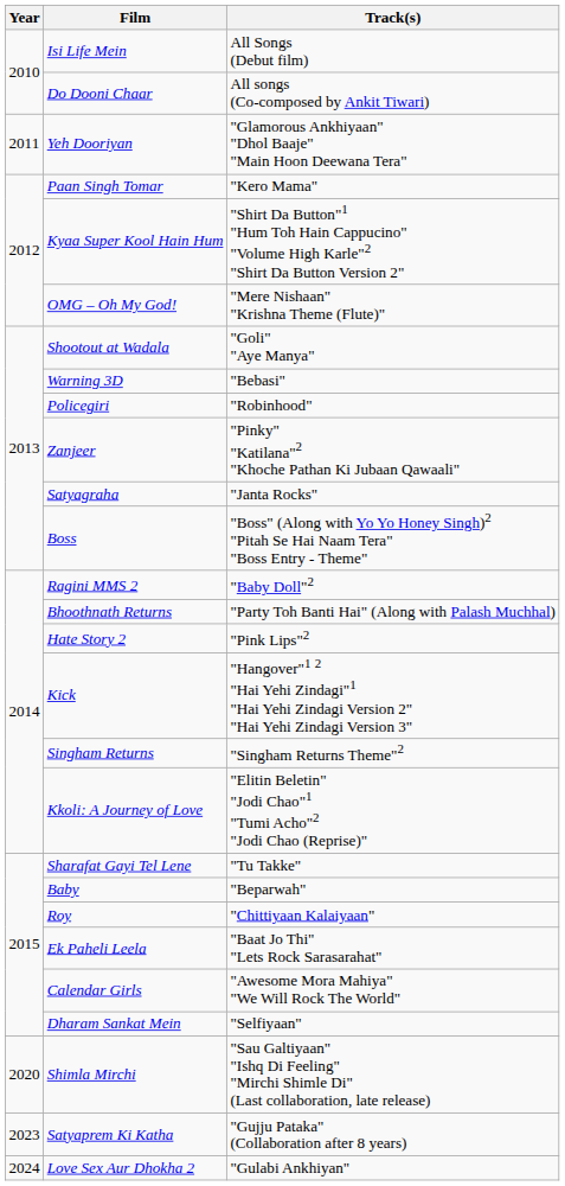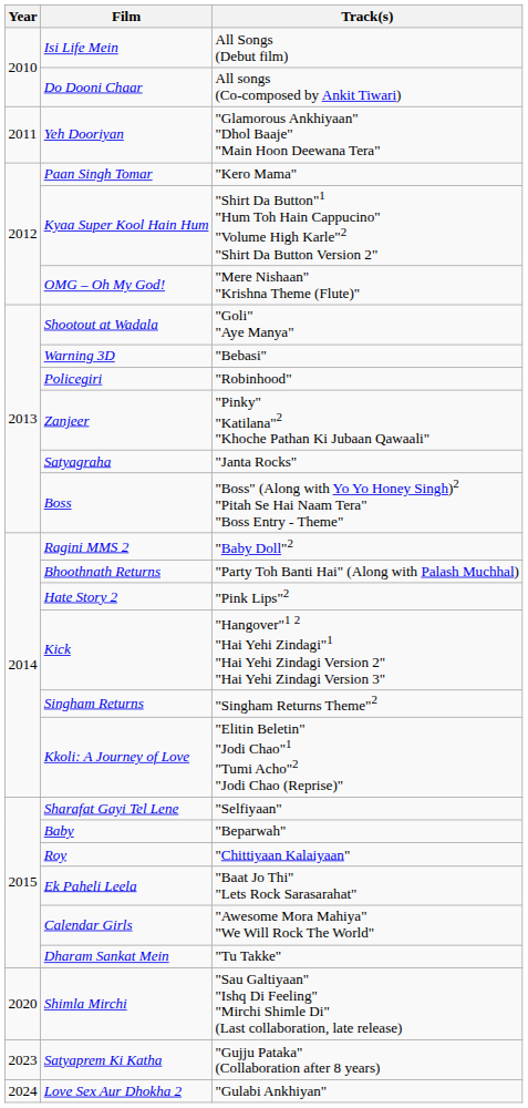 <table class="wikitable sortable">
 <tr>
 <th>Year</th>
 <th>Film</th>
 <th>Track(s)</th>
 </tr>
 <tr>
 <td rowspan="2">2010</td>
 <td><em><a href='#'>Isi Life Mein</a></em></td>
 <td>All Songs<br>(Debut film)</td>
 </tr>
 <tr>
 <td><em><a href='#'>Do Dooni Chaar</a></em></td>
 <td>All songs<br>(Co-composed by <a href='#'>Ankit Tiwari</a>)</td>
 </tr>
 <tr>
 <td>2011</td>
 <td><em><a href='#'>Yeh Dooriyan</a></em></td>
 <td>"Glamorous Ankhiyaan"<br>"Dhol Baaje"<br>"Main Hoon Deewana Tera"</td>
 </tr>
 <tr>
 <td rowspan="3">2012</td>
 <td><em><a href='#'>Paan Singh Tomar</a></em></td>
 <td>"Kero Mama"</td>
 </tr>
 <tr>
 <td><em><a href='#'>Kyaa Super Kool Hain Hum</a></em></td>
 <td>"Shirt Da Button"<sup>1</sup> <br> "Hum Toh Hain Cappucino" <br> "Volume High Karle"<sup>2</sup><br>"Shirt Da Button Version 2"</td>
 </tr>
 <tr>
 <td><em><a href='#'>OMG – Oh My God!</a></em></td>
 <td>"Mere Nishaan" <br> "Krishna Theme (Flute)"</td>
 </tr>
 <tr>
 <td rowspan="6">2013</td>
 <td><em><a href='#'>Shootout at Wadala</a></em></td>
 <td>"Goli"<br>"Aye Manya"</td>
 </tr>
 <tr>
 <td><em><a href='#'>Warning 3D</a></em></td>
 <td>"Bebasi"</td>
 </tr>
 <tr>
 <td><em><a href='#'>Policegiri</a></em></td>
 <td>"Robinhood"</td>
 </tr>
 <tr>
 <td><em><a href='#'>Zanjeer</a></em></td>
 <td>"Pinky"<br>"Katilana"<sup>2</sup><br>"Khoche Pathan Ki Jubaan Qawaali"</td>
 </tr>
 <tr>
 <td><em><a href='#'>Satyagraha</a></em></td>
 <td>"Janta Rocks"</td>
 </tr>
 <tr>
 <td><em><a href='#'>Boss</a></em></td>
 <td>"Boss" (Along with <a href='#'>Yo Yo Honey Singh</a>)<sup>2</sup><br>"Pitah Se Hai Naam Tera"<br>"Boss Entry - Theme"</td>
 </tr>
 <tr>
 <td rowspan="6">2014</td>
 <td><em><a href='#'>Ragini MMS 2</a></em></td>
 <td>"<a href='#'>Baby Doll</a>"<sup>2</sup></td>
 </tr>
 <tr>
 <td><em><a href='#'>Bhoothnath Returns</a></em></td>
 <td>"Party Toh Banti Hai" (Along with <a href='#'>Palash Muchhal</a>)</td>
 </tr>
 <tr>
 <td><em><a href='#'>Hate Story 2</a></em></td>
 <td>"Pink Lips"<sup>2</sup></td>
 </tr>
 <tr>
 <td><em><a href='#'>Kick</a></em></td>
 <td>"Hangover"<sup>1</sup> <sup>2</sup><br>"Hai Yehi Zindagi"<sup>1</sup><br>"Hai Yehi Zindagi Version 2" <br> "Hai Yehi Zindagi Version 3"</td>
 </tr>
 <tr>
 <td><em><a href='#'>Singham Returns</a></em></td>
 <td>"Singham Returns Theme"<sup>2</sup></td>
 </tr>
 <tr>
 <td><em><a href='#'>Kkoli: A Journey of Love</a></em></td>
 <td>"Elitin Beletin"<br>"Jodi Chao"<sup>1</sup><br>"Tumi Acho"<sup>2</sup><br>"Jodi Chao (Reprise)"</td>
 </tr>
 <tr>
 <td rowspan=6>2015</td>
 <td><em><a href='#'>Sharafat Gayi Tel Lene</a></em></td>
-<td>"Tu Takke"</td>
+<td>"Selfiyaan"</td>
 </tr>
 <tr>
 <td><em><a href='#'>Baby</a></em></td>
 <td>"Beparwah"</td>
 </tr>
 <tr>
 <td><em><a href='#'>Roy</a></em></td>
 <td>"<a href='#'>Chittiyaan Kalaiyaan</a>"</td>
 </tr>
 <tr>
 <td><em><a href='#'>Ek Paheli Leela</a></em></td>
 <td>"Baat Jo Thi" <br> "Lets Rock Sarasarahat"</td>
 </tr>
 <tr>
 <td><em><a href='#'>Calendar Girls</a></em></td>
 <td>"Awesome Mora Mahiya"<br>"We Will Rock The World"</td>
 </tr>
 <tr>
 <td><em><a href='#'>Dharam Sankat Mein</a></em></td>
-<td>"Selfiyaan"</td>
+<td>"Tu Takke"</td>
 </tr>
 <tr>
 <td>2020</td>
 <td><em><a href='#'>Shimla Mirchi</a></em></td>
 <td>"Sau Galtiyaan"<br>"Ishq Di Feeling"<br>"Mirchi Shimle Di"<br>(Last collaboration, late release)</td>
 </tr>
 <tr>
 <td>2023</td>
 <td><em><a href='#'>Satyaprem Ki Katha</a></em></td>
 <td>"Gujju Pataka"<br>(Collaboration after 8 years)</td>
 </tr>
 <tr>
 <td>2024</td>
 <td><em><a href='#'>Love Sex Aur Dhokha 2</a></em></td>
 <td>"Gulabi Ankhiyan"</td>
 </tr>
 </table>
